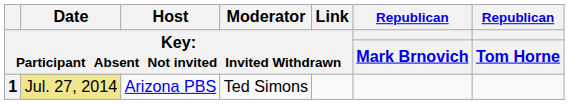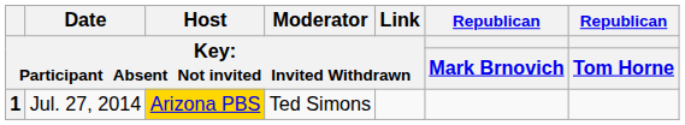 <table class="wikitable" style="text-align:center;">
 <tr>
 <th scope="col"></th>
 <th scope="col">Date</th>
 <th scope="col">Host</th>
 <th scope="col">Moderator</th>
 <th scope="col">Link</th>
 <th scope="col"><small><a href='#'>Republican</a></small></th>
 <th scope="col"><small><a href='#'>Republican</a></small></th>
 </tr>
 <tr>
 <th colspan="5" rowspan="2">Key:<br> <small>Participant </small>  <small>Absent </small>  <small>Not invited </small>  <small>Invited  Withdrawn</small></th>
 <th scope="col" style="background:"></th>
 <th scope="col" style="background:"></th>
 </tr>
 <tr>
 <th scope="col"><a href='#'>Mark Brnovich</a></th>
 <th scope="col"><a href='#'>Tom Horne</a></th>
 </tr>
 <tr>
 <th>1</th>
-<td style="background: khaki; white-space:nowrap;">Jul. 27, 2014</td>
-<td style="white-space:nowrap;"><a href='#'>Arizona PBS</a></td>
+<td style="white-space:nowrap;">Jul. 27, 2014</td>
+<td style="background: gold; white-space:nowrap;"><a href='#'>Arizona PBS</a></td>
 <td style="white-space:nowrap;">Ted Simons</td>
 <td style="white-space:nowrap;"></td>
 <td></td>
 <td></td>
 </tr>
 </table>
